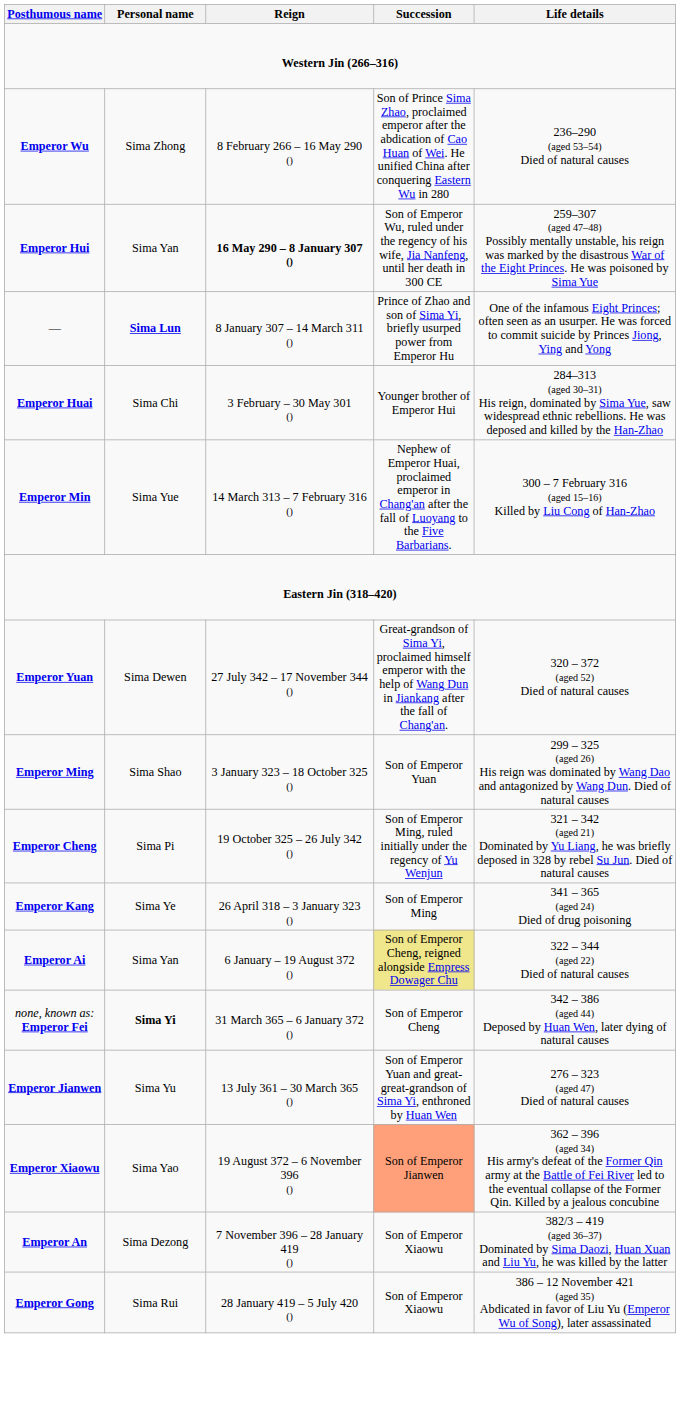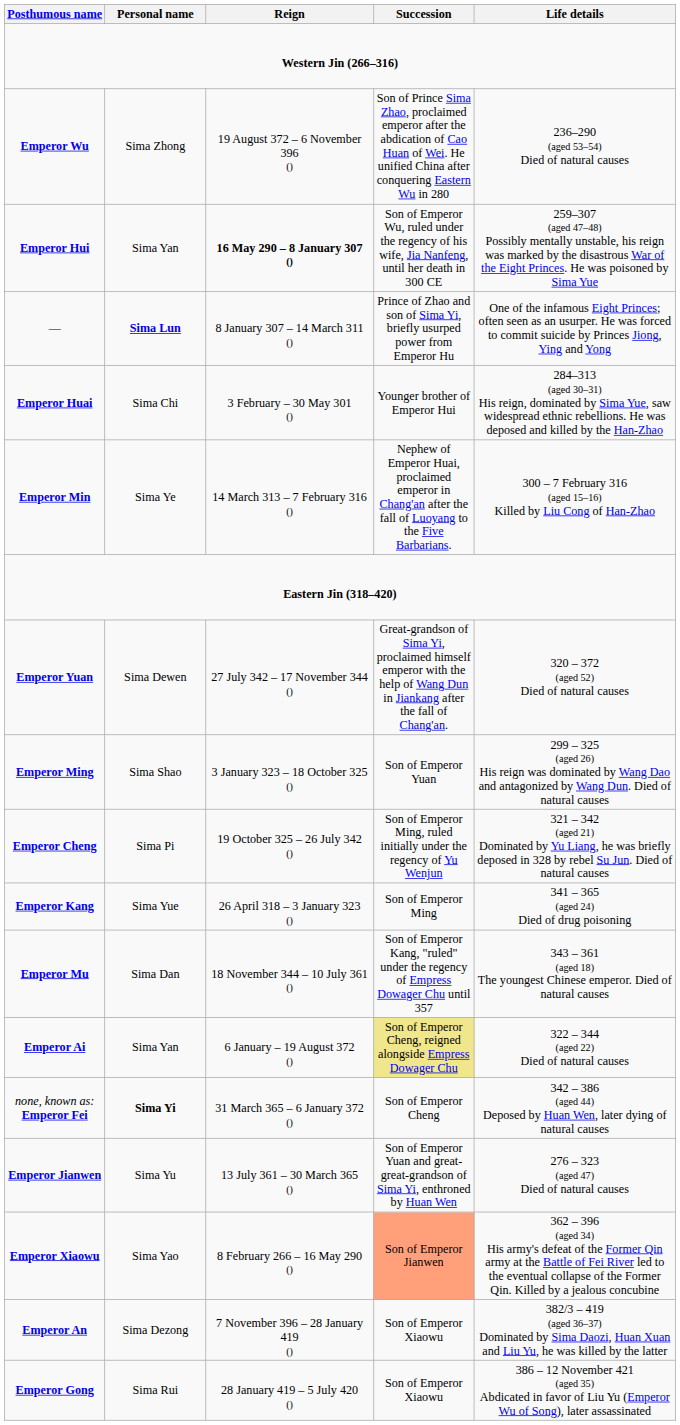 <table class="wikitable plainrowheaders" style="text-align:center; width:100%;">
 <tr>
 <th scope="col" width="15%"><a href='#'>Posthumous name</a></th>
 <th scope="col" width="15%">Personal name</th>
 <th scope="col" width="25%">Reign</th>
 <th scope="col" width="15%">Succession</th>
 <th scope="col" width="30%">Life details</th>
 </tr>
 <tr>
 <td colspan="5" data-sort-value="ZZZZ9999"><br><h4>Western Jin (266–316)</h4></td>
 </tr>
 <tr>
 <td><strong><a href='#'>Emperor Wu</a></strong><br></td>
 <td>Sima Zhong<br></td>
-<td><br>8 February 266 – 16 May 290<br><small>()</small><br><small></small></td>
+<td><br>19 August 372 – 6 November 396<br><small>()</small><br><small></small></td>
 <td>Son of Prince <a href='#'>Sima Zhao</a>, proclaimed emperor after the abdication of <a href='#'>Cao Huan</a> of <a href='#'>Wei</a>. He unified China after conquering <a href='#'>Eastern Wu</a> in 280</td>
 <td>236–290<br><small>(aged 53–54)</small><br>Died of natural causes</td>
 </tr>
 <tr>
 <td><strong><a href='#'>Emperor Hui</a></strong><br></td>
 <td>Sima Yan<br></td>
 <td><strong><br>16 May 290 – 8 January 307<br><small>()</small><br><small></small></strong></td>
 <td>Son of Emperor Wu, ruled under the regency of his wife, <a href='#'>Jia Nanfeng</a>, until her death in 300 CE</td>
 <td>259–307<br><small>(aged 47–48)</small><br>Possibly mentally unstable, his reign was marked by the disastrous <a href='#'>War of the Eight Princes</a>. He was poisoned by <a href='#'>Sima Yue</a></td>
 </tr>
 <tr>
 <td>—</td>
 <td><strong><a href='#'>Sima Lun</a></strong><br></td>
 <td><br>8 January 307 – 14 March 311<br><small>()</small><br><small></small></td>
 <td>Prince of Zhao and son of <a href='#'>Sima Yi</a>, briefly usurped power from Emperor Hu</td>
 <td>One of the infamous <a href='#'>Eight Princes</a>; often seen as an usurper. He was forced to commit suicide by Princes <a href='#'>Jiong</a>, <a href='#'>Ying</a> and <a href='#'>Yong</a></td>
 </tr>
 <tr>
 <td><strong><a href='#'>Emperor Huai</a></strong><br></td>
 <td>Sima Chi<br></td>
 <td><br>3 February – 30 May 301<br><small>()</small><br><small></small></td>
 <td>Younger brother of Emperor Hui</td>
 <td>284–313<br><small>(aged 30–31)</small><br>His reign, dominated by <a href='#'>Sima Yue</a>, saw widespread ethnic rebellions. He was deposed and killed by the <a href='#'>Han-Zhao</a></td>
 </tr>
 <tr>
 <td><strong><a href='#'>Emperor Min</a></strong><br></td>
-<td>Sima Yue<br></td>
+<td>Sima Ye<br></td>
 <td><br>14 March 313 – 7 February 316<br><small>()</small><br><small></small></td>
 <td>Nephew of Emperor Huai, proclaimed emperor in <a href='#'>Chang'an</a> after the fall of <a href='#'>Luoyang</a> to the <a href='#'>Five Barbarians</a>.</td>
 <td>300 – 7 February 316<br><small>(aged 15–16)</small><br>Killed by <a href='#'>Liu Cong</a> of <a href='#'>Han-Zhao</a></td>
 </tr>
 <tr>
 <td colspan="5" data-sort-value="ZZZZ9999"><br><h4>Eastern Jin (318–420)</h4></td>
 </tr>
 <tr>
 <td><strong><a href='#'>Emperor Yuan</a></strong><br></td>
 <td>Sima Dewen<br></td>
 <td><br>27 July 342 – 17 November 344<br><small>()</small><br><small></small></td>
 <td>Great-grandson of <a href='#'>Sima Yi</a>, proclaimed himself emperor with the help of <a href='#'>Wang Dun</a> in <a href='#'>Jiankang</a> after the fall of <a href='#'>Chang'an</a>.</td>
 <td>320 – 372<br><small>(aged 52)</small><br>Died of natural causes</td>
 </tr>
 <tr>
 <td><strong><a href='#'>Emperor Ming</a></strong><br></td>
 <td>Sima Shao <br></td>
 <td><br>3 January 323 – 18 October 325<br><small>()</small><br><small></small></td>
 <td>Son of Emperor Yuan</td>
 <td>299 – 325<br><small>(aged 26)</small><br>His reign was dominated by <a href='#'>Wang Dao</a> and antagonized by <a href='#'>Wang Dun</a>. Died of natural causes</td>
 </tr>
 <tr>
 <td><strong><a href='#'>Emperor Cheng</a></strong><br></td>
 <td>Sima Pi<br></td>
 <td>19 October 325 – 26 July 342<br><small>()</small><br><small></small></td>
 <td>Son of Emperor Ming, ruled initially under the regency of <a href='#'>Yu Wenjun</a></td>
 <td>321 – 342<br><small>(aged 21)</small><br>Dominated by <a href='#'>Yu Liang</a>, he was briefly deposed in 328 by rebel <a href='#'>Su Jun</a>. Died of natural causes</td>
 </tr>
 <tr>
 <td><strong><a href='#'>Emperor Kang</a></strong><br></td>
-<td>Sima Ye<br></td>
+<td>Sima Yue<br></td>
 <td><br>26 April 318 – 3 January 323<br><small>()</small><br><small></small></td>
 <td>Son of Emperor Ming</td>
 <td>341 – 365<br><small>(aged 24)</small><br>Died of drug poisoning</td>
+</tr>
+<tr>
+<td><strong><a href='#'>Emperor Mu</a></strong><br></td>
+<td>Sima Dan<br></td>
+<td><br>18 November 344 – 10 July 361<br><small>()</small><br><small></small></td>
+<td>Son of Emperor Kang, "ruled" under the regency of <a href='#'>Empress Dowager Chu</a> until 357</td>
+<td>343 – 361<br><small>(aged 18)</small><br>The youngest Chinese emperor. Died of natural causes</td>
 </tr>
 <tr>
 <td><strong><a href='#'>Emperor Ai</a></strong><br></td>
 <td>Sima Yan<br></td>
 <td><br>6 January – 19 August 372<br><small>()</small><br><small></small></td>
 <td style="background: khaki;">Son of Emperor Cheng, reigned alongside <a href='#'>Empress Dowager Chu</a></td>
 <td>322 – 344<br><small>(aged 22)</small><br>Died of natural causes</td>
 </tr>
 <tr>
 <td><em>none, known as:</em><br><strong><a href='#'>Emperor Fei</a></strong><br></td>
 <td><strong>Sima Yi<br></strong></td>
 <td><br>31 March 365 – 6 January 372<br><small>()</small><br><small></small></td>
 <td>Son of Emperor Cheng</td>
 <td>342 – 386<br><small>(aged 44)</small><br>Deposed by <a href='#'>Huan Wen</a>, later dying of natural causes</td>
 </tr>
 <tr>
 <td><strong><a href='#'>Emperor Jianwen</a></strong><br></td>
 <td>Sima Yu<br></td>
 <td><br>13 July 361 – 30 March 365<br><small>()</small><br><small></small></td>
 <td>Son of Emperor Yuan and great-great-grandson of <a href='#'>Sima Yi</a>, enthroned by <a href='#'>Huan Wen</a></td>
 <td>276 – 323<br><small>(aged 47)</small><br>Died of natural causes</td>
 </tr>
 <tr>
 <td><strong><a href='#'>Emperor Xiaowu</a></strong><br></td>
 <td>Sima Yao<br></td>
-<td><br>19 August 372 – 6 November 396<br><small>()</small><br><small></small></td>
+<td><br>8 February 266 – 16 May 290<br><small>()</small><br><small></small></td>
 <td style="background: lightsalmon;">Son of Emperor Jianwen</td>
 <td>362 – 396<br><small>(aged 34)</small><br>His army's defeat of the <a href='#'>Former Qin</a> army at the <a href='#'>Battle of Fei River</a> led to the eventual collapse of the Former Qin. Killed by a jealous concubine</td>
 </tr>
 <tr>
 <td><strong><a href='#'>Emperor An</a></strong><br></td>
 <td>Sima Dezong<br></td>
 <td><br>7 November 396 – 28 January 419<br><small>()</small><br><small></small></td>
 <td>Son of Emperor Xiaowu</td>
 <td>382/3 – 419<br><small>(aged 36–37)</small><br>Dominated by <a href='#'>Sima Daozi</a>, <a href='#'>Huan Xuan</a> and <a href='#'>Liu Yu</a>, he was killed by the latter</td>
 </tr>
 <tr>
 <td><strong><a href='#'>Emperor Gong</a></strong><br></td>
 <td>Sima Rui<br></td>
 <td><br>28 January 419 – 5 July 420<br><small>()</small><br><small></small></td>
 <td>Son of Emperor Xiaowu</td>
 <td>386 – 12 November 421<br><small>(aged 35)</small><br>Abdicated in favor of Liu Yu (<a href='#'>Emperor Wu of Song</a>), later assassinated</td>
 </tr>
 </table>
